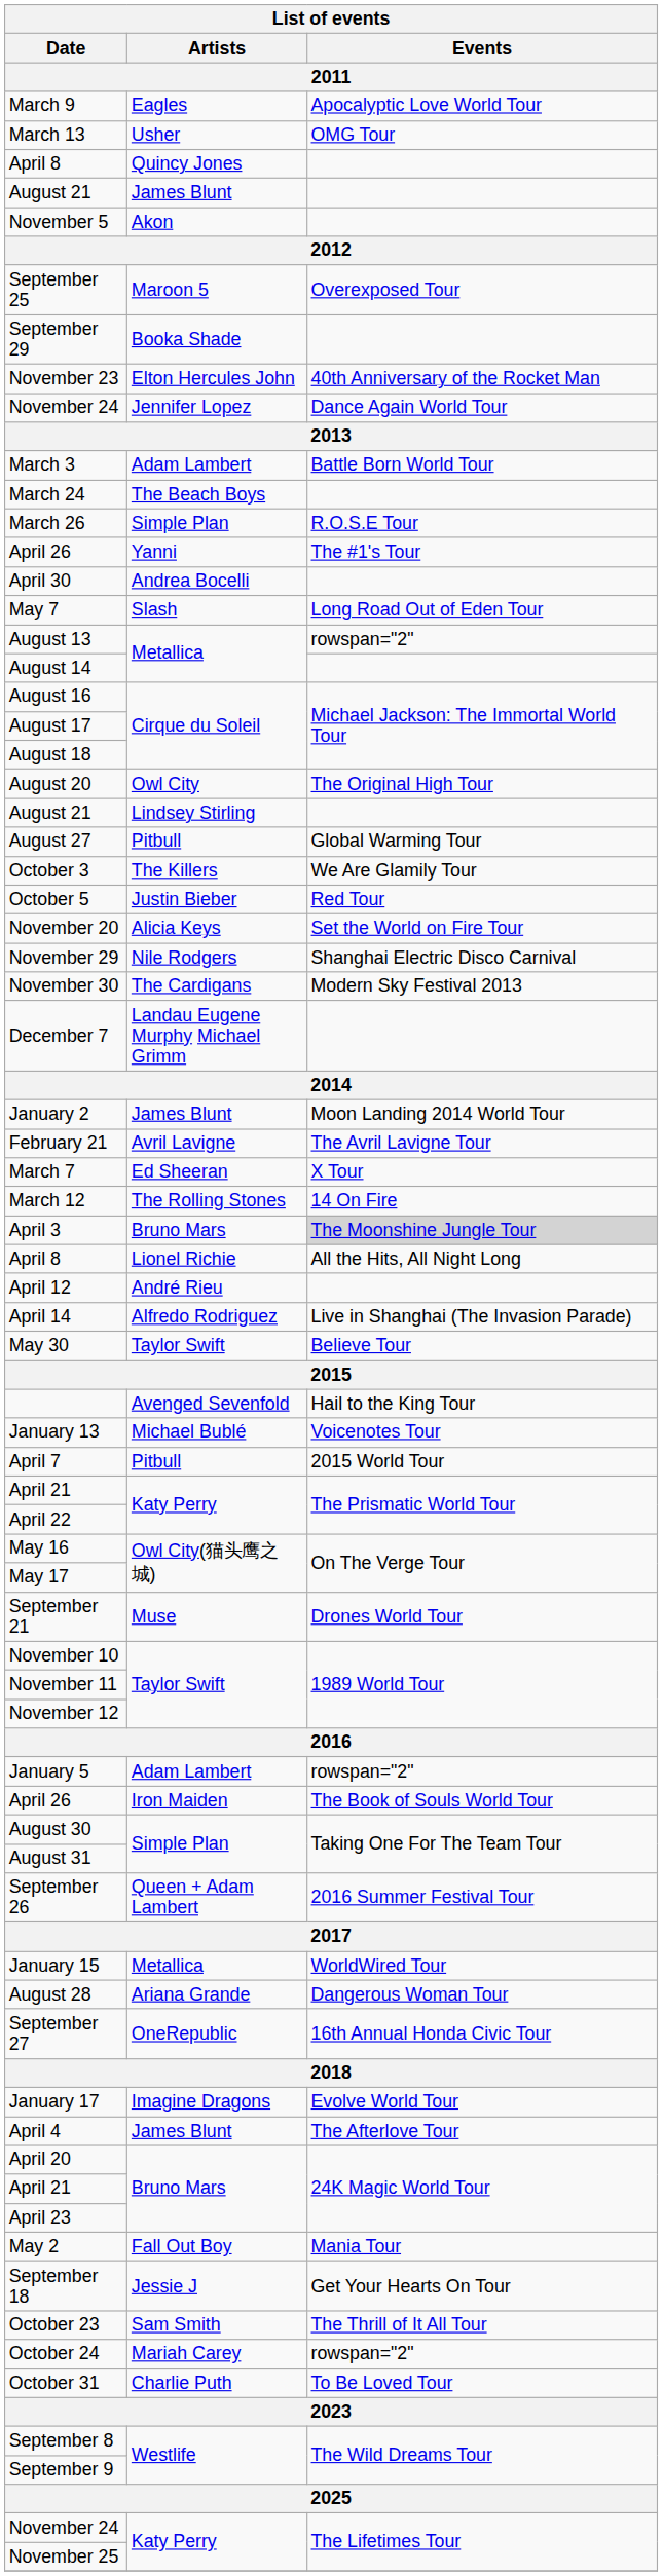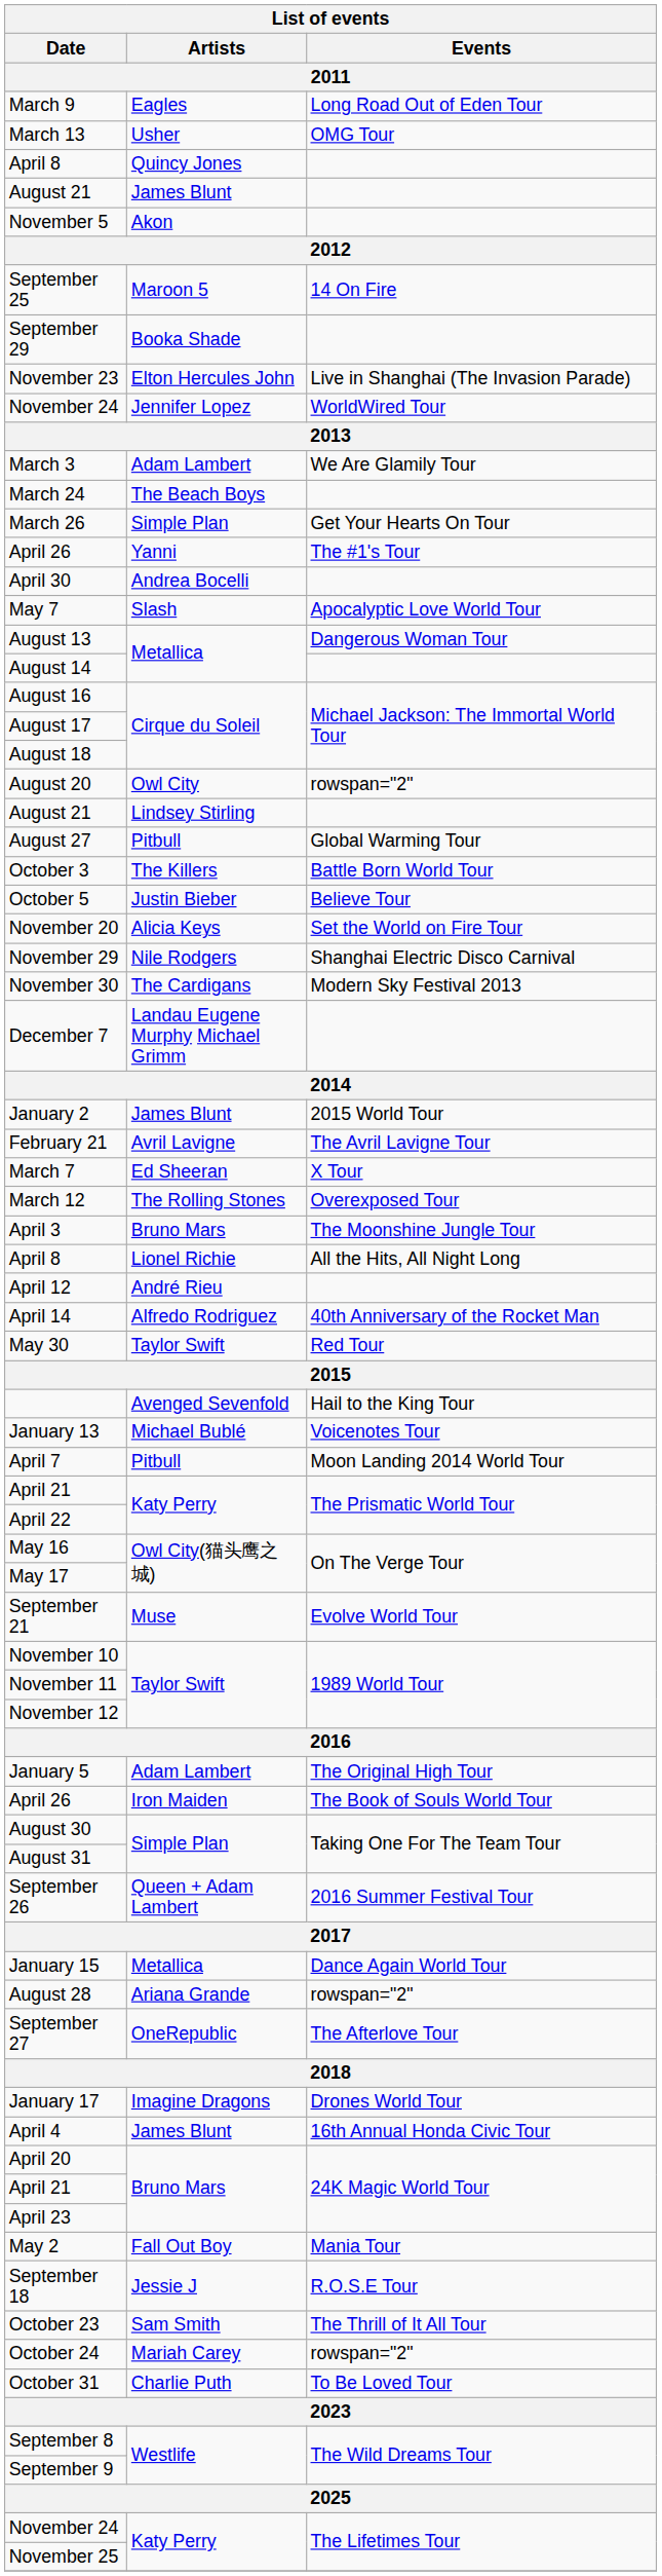 <table class="wikitable collapsible collapsed">
 <tr>
 <th colspan=4>List of events</th>
 </tr>
 <tr>
 <th width="100">Date</th>
 <th width="150">Artists</th>
 <th width="300">Events</th>
 </tr>
 <tr style="background:#ddd;">
 <th colspan="3"><strong>2011</strong></th>
 </tr>
 <tr>
 <td>March 9</td>
 <td><a href='#'>Eagles</a></td>
-<td><a href='#'>Apocalyptic Love World Tour</a></td>
+<td><a href='#'>Long Road Out of Eden Tour</a></td>
 </tr>
 <tr>
 <td>March 13</td>
 <td><a href='#'>Usher</a></td>
 <td><a href='#'>OMG Tour</a></td>
 </tr>
 <tr>
 <td>April 8</td>
 <td><a href='#'>Quincy Jones</a></td>
 <td></td>
 </tr>
 <tr>
 <td>August 21</td>
 <td><a href='#'>James Blunt</a></td>
 <td></td>
 </tr>
 <tr>
 <td>November 5</td>
 <td><a href='#'>Akon</a></td>
 <td></td>
 </tr>
 <tr>
 <th colspan="3"><strong>2012</strong></th>
 </tr>
 <tr>
 <td>September 25</td>
 <td><a href='#'>Maroon 5</a></td>
-<td><a href='#'>Overexposed Tour</a></td>
+<td><a href='#'>14 On Fire</a></td>
 </tr>
 <tr>
 <td>September 29</td>
 <td><a href='#'>Booka Shade</a></td>
 <td></td>
 </tr>
 <tr>
 <td>November 23</td>
 <td><a href='#'>Elton Hercules John</a></td>
-<td><a href='#'>40th Anniversary of the Rocket Man</a></td>
+<td>Live in Shanghai (The Invasion Parade)</td>
 </tr>
 <tr>
 <td>November 24</td>
 <td><a href='#'>Jennifer Lopez</a></td>
-<td><a href='#'>Dance Again World Tour</a></td>
+<td><a href='#'>WorldWired Tour</a></td>
 </tr>
 <tr>
 <th colspan="3"><strong>2013</strong></th>
 </tr>
 <tr>
 <td>March 3</td>
 <td><a href='#'>Adam Lambert</a></td>
-<td><a href='#'>Battle Born World Tour</a></td>
+<td>We Are Glamily Tour</td>
 </tr>
 <tr>
 <td>March 24</td>
 <td><a href='#'>The Beach Boys</a></td>
 <td></td>
 </tr>
 <tr>
 <td>March 26</td>
 <td><a href='#'>Simple Plan</a></td>
-<td><a href='#'>R.O.S.E Tour</a></td>
+<td>Get Your Hearts On Tour</td>
 </tr>
 <tr>
 <td>April 26</td>
 <td><a href='#'>Yanni</a></td>
 <td><a href='#'>The #1's Tour</a></td>
 </tr>
 <tr>
 <td>April 30</td>
 <td><a href='#'>Andrea Bocelli</a></td>
 </tr>
 <tr>
 <td>May 7</td>
 <td><a href='#'>Slash</a></td>
-<td><a href='#'>Long Road Out of Eden Tour</a></td>
+<td><a href='#'>Apocalyptic Love World Tour</a></td>
 </tr>
 <tr>
 <td>August 13</td>
 <td rowspan="2"><a href='#'>Metallica</a></td>
-<td>rowspan="2" </td>
+<td><a href='#'>Dangerous Woman Tour</a></td>
 </tr>
 <tr>
 <td>August 14</td>
 </tr>
 <tr>
 <td>August 16</td>
 <td rowspan="3"><a href='#'>Cirque du Soleil</a></td>
 <td rowspan="3"><a href='#'>Michael Jackson: The Immortal World Tour</a></td>
 </tr>
 <tr>
 <td>August 17</td>
 </tr>
 <tr>
 <td>August 18</td>
 </tr>
 <tr>
 <td>August 20</td>
 <td><a href='#'>Owl City</a></td>
-<td><a href='#'>The Original High Tour</a></td>
+<td>rowspan="2" </td>
 </tr>
 <tr>
 <td>August 21</td>
 <td><a href='#'>Lindsey Stirling</a></td>
 </tr>
 <tr>
 <td>August 27</td>
 <td><a href='#'>Pitbull</a></td>
 <td>Global Warming Tour</td>
 </tr>
 <tr>
 <td>October 3</td>
 <td><a href='#'>The Killers</a></td>
-<td>We Are Glamily Tour</td>
+<td><a href='#'>Battle Born World Tour</a></td>
 </tr>
 <tr>
 <td>October 5</td>
 <td><a href='#'>Justin Bieber</a></td>
-<td><a href='#'>Red Tour</a></td>
+<td><a href='#'>Believe Tour</a></td>
 </tr>
 <tr>
 <td>November 20</td>
 <td><a href='#'>Alicia Keys</a></td>
 <td><a href='#'>Set the World on Fire Tour</a></td>
 </tr>
 <tr>
 <td>November 29</td>
 <td><a href='#'>Nile Rodgers</a></td>
 <td>Shanghai Electric Disco Carnival</td>
 </tr>
 <tr>
 <td>November 30</td>
 <td><a href='#'>The Cardigans</a></td>
 <td>Modern Sky Festival 2013</td>
 </tr>
 <tr>
 <td>December 7</td>
 <td><a href='#'>Landau Eugene Murphy</a> <a href='#'>Michael Grimm</a></td>
 <td></td>
 </tr>
 <tr>
 <th colspan="3"><strong>2014</strong></th>
 </tr>
 <tr>
 <td>January 2</td>
 <td><a href='#'>James Blunt</a></td>
-<td>Moon Landing 2014 World Tour</td>
+<td>2015 World Tour</td>
 </tr>
 <tr>
 <td>February 21</td>
 <td><a href='#'>Avril Lavigne</a></td>
 <td><a href='#'>The Avril Lavigne Tour</a></td>
 </tr>
 <tr>
 <td>March 7</td>
 <td><a href='#'>Ed Sheeran</a></td>
 <td><a href='#'>X Tour</a></td>
 </tr>
 <tr>
 <td>March 12</td>
 <td><a href='#'>The Rolling Stones</a></td>
-<td><a href='#'>14 On Fire</a></td>
+<td><a href='#'>Overexposed Tour</a></td>
 </tr>
 <tr>
 <td>April 3</td>
 <td><a href='#'>Bruno Mars</a></td>
-<td style="background: lightgrey;"><a href='#'>The Moonshine Jungle Tour</a></td>
+<td><a href='#'>The Moonshine Jungle Tour</a></td>
 </tr>
 <tr>
 <td>April 8</td>
 <td><a href='#'>Lionel Richie</a></td>
 <td>All the Hits, All Night Long</td>
 </tr>
 <tr>
 <td>April 12</td>
 <td><a href='#'>André Rieu</a></td>
 <td></td>
 </tr>
 <tr>
 <td>April 14</td>
 <td><a href='#'>Alfredo Rodriguez</a></td>
-<td>Live in Shanghai (The Invasion Parade)</td>
+<td><a href='#'>40th Anniversary of the Rocket Man</a></td>
 </tr>
 <tr>
 <td>May 30</td>
 <td><a href='#'>Taylor Swift</a></td>
-<td><a href='#'>Believe Tour</a></td>
+<td><a href='#'>Red Tour</a></td>
 </tr>
 <tr>
 <th colspan="3"><strong>2015</strong></th>
 </tr>
 <tr>
 <td></td>
 <td><a href='#'>Avenged Sevenfold</a></td>
 <td>Hail to the King Tour</td>
 </tr>
 <tr>
 <td>January 13</td>
 <td><a href='#'>Michael Bublé</a></td>
 <td><a href='#'>Voicenotes Tour</a></td>
 </tr>
 <tr>
 <td>April 7</td>
 <td><a href='#'>Pitbull</a></td>
-<td>2015 World Tour</td>
+<td>Moon Landing 2014 World Tour</td>
 </tr>
 <tr>
 <td>April 21</td>
 <td rowspan="2"><a href='#'>Katy Perry</a></td>
 <td rowspan="2"><a href='#'>The Prismatic World Tour</a></td>
 </tr>
 <tr>
 <td>April 22</td>
 </tr>
 <tr>
 <td>May 16</td>
 <td rowspan="2"><a href='#'>Owl City</a>(猫头鹰之城)</td>
 <td rowspan="2">On The Verge Tour</td>
 </tr>
 <tr>
 <td>May 17</td>
 </tr>
 <tr>
 <td>September 21</td>
 <td><a href='#'>Muse</a></td>
-<td><a href='#'>Drones World Tour</a></td>
+<td><a href='#'>Evolve World Tour</a></td>
 </tr>
 <tr>
 <td>November 10</td>
 <td rowspan="3"><a href='#'>Taylor Swift</a></td>
 <td rowspan="3"><a href='#'>1989 World Tour</a></td>
 </tr>
 <tr>
 <td>November 11</td>
 </tr>
 <tr>
 <td>November 12</td>
 </tr>
 <tr>
 <th colspan="3"><strong>2016</strong></th>
 </tr>
 <tr>
 <td>January 5</td>
 <td><a href='#'>Adam Lambert</a></td>
-<td>rowspan="2" </td>
+<td><a href='#'>The Original High Tour</a></td>
 </tr>
 <tr>
 <td>April 26</td>
 <td><a href='#'>Iron Maiden</a></td>
 <td><a href='#'>The Book of Souls World Tour</a></td>
 </tr>
 <tr>
 <td>August 30</td>
 <td rowspan="2"><a href='#'>Simple Plan</a></td>
 <td rowspan="2">Taking One For The Team Tour </td>
 </tr>
 <tr>
 <td>August 31</td>
 </tr>
 <tr>
 <td>September 26</td>
 <td><a href='#'>Queen + Adam Lambert</a></td>
 <td><a href='#'>2016 Summer Festival Tour</a></td>
 </tr>
 <tr>
 <th colspan="3"><strong>2017</strong></th>
 </tr>
 <tr>
 <td>January 15</td>
 <td><a href='#'>Metallica</a></td>
-<td><a href='#'>WorldWired Tour</a></td>
+<td><a href='#'>Dance Again World Tour</a></td>
 </tr>
 <tr>
 <td>August 28</td>
 <td><a href='#'>Ariana Grande</a></td>
-<td><a href='#'>Dangerous Woman Tour</a></td>
+<td>rowspan="2" </td>
 </tr>
 <tr>
 <td>September 27</td>
 <td><a href='#'>OneRepublic</a></td>
-<td><a href='#'>16th Annual Honda Civic Tour</a></td>
+<td><a href='#'>The Afterlove Tour</a></td>
 </tr>
 <tr>
 <th colspan="3"><strong>2018</strong></th>
 </tr>
 <tr>
 <td>January 17</td>
 <td><a href='#'>Imagine Dragons</a></td>
-<td><a href='#'>Evolve World Tour</a></td>
+<td><a href='#'>Drones World Tour</a></td>
 </tr>
 <tr>
 <td>April 4</td>
 <td><a href='#'>James Blunt</a></td>
-<td><a href='#'>The Afterlove Tour</a></td>
+<td><a href='#'>16th Annual Honda Civic Tour</a></td>
 </tr>
 <tr>
 <td>April 20</td>
 <td rowspan = "3"><a href='#'>Bruno Mars</a></td>
 <td rowspan = "3"><a href='#'>24K Magic World Tour</a></td>
 </tr>
 <tr>
 <td>April 21</td>
 </tr>
 <tr>
 <td>April 23</td>
 </tr>
 <tr>
 <td>May 2</td>
 <td><a href='#'>Fall Out Boy</a></td>
 <td><a href='#'>Mania Tour</a></td>
 </tr>
 <tr>
 <td>September 18</td>
 <td><a href='#'>Jessie J</a></td>
-<td>Get Your Hearts On Tour</td>
+<td><a href='#'>R.O.S.E Tour</a></td>
 </tr>
 <tr>
 <td>October 23</td>
 <td><a href='#'>Sam Smith</a></td>
 <td><a href='#'>The Thrill of It All Tour</a></td>
 </tr>
 <tr>
 <td>October 24</td>
 <td><a href='#'>Mariah Carey</a></td>
 <td>rowspan="2" </td>
 </tr>
 <tr>
 <td>October 31</td>
 <td><a href='#'>Charlie Puth</a></td>
 <td><a href='#'>To Be Loved Tour</a></td>
 </tr>
 <tr>
 <th colspan="3"><strong>2023</strong></th>
 </tr>
 <tr>
 <td>September 8</td>
 <td rowspan = "2"><a href='#'>Westlife</a></td>
 <td rowspan = "2"><a href='#'>The Wild Dreams Tour</a></td>
 </tr>
 <tr>
 <td>September 9</td>
 </tr>
 <tr>
 <th colspan="3"><strong>2025</strong></th>
 </tr>
 <tr>
 <td>November 24</td>
 <td rowspan = "2"><a href='#'>Katy Perry</a></td>
 <td rowspan = "2"><a href='#'>The Lifetimes Tour</a></td>
 </tr>
 <tr>
 <td>November 25</td>
 </tr>
 <tr>
 </tr>
 </table>
